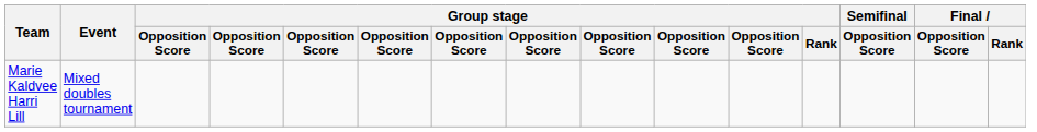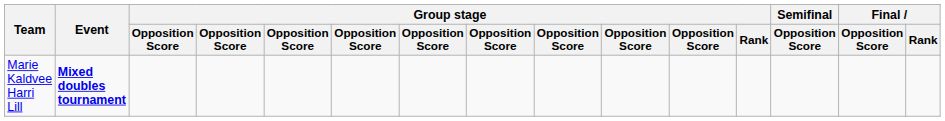 <table class=wikitable style=font-size:90%;text-align:center>
 <tr>
 <th rowspan=2>Team</th>
 <th rowspan=2>Event</th>
 <th colspan=10>Group stage</th>
 <th>Semifinal</th>
 <th colspan=2>Final / </th>
 </tr>
 <tr style="font-size:95%">
 <th>Opposition<br>Score</th>
 <th>Opposition<br>Score</th>
 <th>Opposition<br>Score</th>
 <th>Opposition<br>Score</th>
 <th>Opposition<br>Score</th>
 <th>Opposition<br>Score</th>
 <th>Opposition<br>Score</th>
 <th>Opposition<br>Score</th>
 <th>Opposition<br>Score</th>
 <th>Rank</th>
 <th>Opposition<br>Score</th>
 <th>Opposition<br>Score</th>
 <th>Rank</th>
 </tr>
 <tr>
 <td align=left><a href='#'>Marie Kaldvee</a><br><a href='#'>Harri Lill</a></td>
-<td align=left><a href='#'>Mixed doubles tournament</a></td>
+<td align=left><strong><a href='#'>Mixed doubles tournament</a></strong></td>
 <td></td>
 <td></td>
 <td></td>
 <td></td>
 <td></td>
 <td></td>
 <td></td>
 <td></td>
 <td></td>
 <td></td>
 <td></td>
 <td></td>
 <td></td>
 </tr>
 </table>
